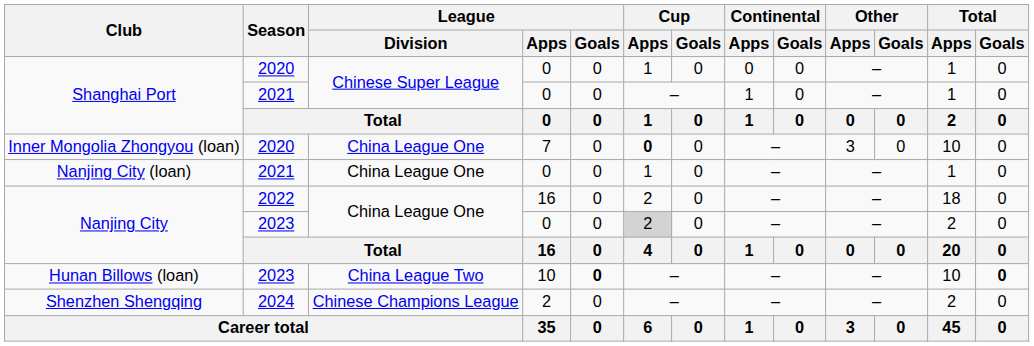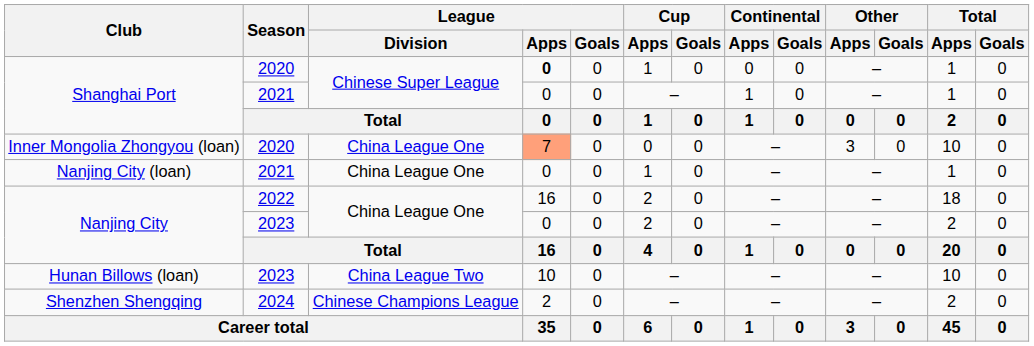 <table class="wikitable" style="text-align: center">
 <tr>
 <th rowspan="2">Club</th>
 <th rowspan="2">Season</th>
 <th colspan="3">League</th>
 <th colspan="2">Cup</th>
 <th colspan="2">Continental</th>
 <th colspan="2">Other</th>
 <th colspan="2">Total</th>
 </tr>
 <tr>
 <th>Division</th>
 <th>Apps</th>
 <th>Goals</th>
 <th>Apps</th>
 <th>Goals</th>
 <th>Apps</th>
 <th>Goals</th>
 <th>Apps</th>
 <th>Goals</th>
 <th>Apps</th>
 <th>Goals</th>
 </tr>
 <tr>
 <td rowspan="3"><a href='#'>Shanghai Port</a></td>
 <td><a href='#'>2020</a></td>
 <td rowspan="2"><a href='#'>Chinese Super League</a></td>
-<td>0</td>
+<td><strong>0</strong></td>
 <td>0</td>
 <td>1</td>
 <td>0</td>
 <td>0</td>
 <td>0</td>
 <td colspan="2">–</td>
 <td>1</td>
 <td>0</td>
 </tr>
 <tr>
 <td><a href='#'>2021</a></td>
 <td>0</td>
 <td>0</td>
 <td colspan="2">–</td>
 <td>1</td>
 <td>0</td>
 <td colspan="2">–</td>
 <td>1</td>
 <td>0</td>
 </tr>
 <tr>
 <th colspan=2>Total</th>
 <th>0</th>
 <th>0</th>
 <th>1</th>
 <th>0</th>
 <th>1</th>
 <th>0</th>
 <th>0</th>
 <th>0</th>
 <th>2</th>
 <th>0</th>
 </tr>
 <tr>
 <td><a href='#'>Inner Mongolia Zhongyou</a> (loan)</td>
 <td><a href='#'>2020</a></td>
 <td><a href='#'>China League One</a></td>
-<td>7</td>
+<td style="background: lightsalmon;">7</td>
 <td>0</td>
-<td><strong>0</strong></td>
+<td>0</td>
 <td>0</td>
 <td colspan="2">–</td>
 <td>3</td>
 <td>0</td>
 <td>10</td>
 <td>0</td>
 </tr>
 <tr>
 <td><a href='#'>Nanjing City</a> (loan)</td>
 <td><a href='#'>2021</a></td>
 <td>China League One</td>
 <td>0</td>
 <td>0</td>
 <td>1</td>
 <td>0</td>
 <td colspan="2">–</td>
 <td colspan="2">–</td>
 <td>1</td>
 <td>0</td>
 </tr>
 <tr>
 <td rowspan="3"><a href='#'>Nanjing City</a></td>
 <td><a href='#'>2022</a></td>
 <td rowspan="2">China League One</td>
 <td>16</td>
 <td>0</td>
 <td>2</td>
 <td>0</td>
 <td colspan="2">–</td>
 <td colspan="2">–</td>
 <td>18</td>
 <td>0</td>
 </tr>
 <tr>
 <td><a href='#'>2023</a></td>
 <td>0</td>
 <td>0</td>
-<td style="background: lightgrey;">2</td>
+<td>2</td>
 <td>0</td>
 <td colspan="2">–</td>
 <td colspan="2">–</td>
 <td>2</td>
 <td>0</td>
 </tr>
 <tr>
 <th colspan=2>Total</th>
 <th>16</th>
 <th>0</th>
 <th>4</th>
 <th>0</th>
 <th>1</th>
 <th>0</th>
 <th>0</th>
 <th>0</th>
 <th>20</th>
 <th>0</th>
 </tr>
 <tr>
 <td><a href='#'>Hunan Billows</a> (loan)</td>
 <td><a href='#'>2023</a></td>
 <td><a href='#'>China League Two</a></td>
 <td>10</td>
-<td><strong>0</strong></td>
+<td>0</td>
 <td colspan="2">–</td>
 <td colspan="2">–</td>
 <td colspan="2">–</td>
 <td>10</td>
-<td><strong>0</strong></td>
+<td>0</td>
 </tr>
 <tr>
 <td><a href='#'>Shenzhen Shengqing</a></td>
 <td><a href='#'>2024</a></td>
 <td><a href='#'>Chinese Champions League</a></td>
 <td>2</td>
 <td>0</td>
 <td colspan="2">–</td>
 <td colspan="2">–</td>
 <td colspan="2">–</td>
 <td>2</td>
 <td>0</td>
 </tr>
 <tr>
 <th colspan=3>Career total</th>
 <th>35</th>
 <th>0</th>
 <th>6</th>
 <th>0</th>
 <th>1</th>
 <th>0</th>
 <th>3</th>
 <th>0</th>
 <th>45</th>
 <th>0</th>
 </tr>
 </table>
